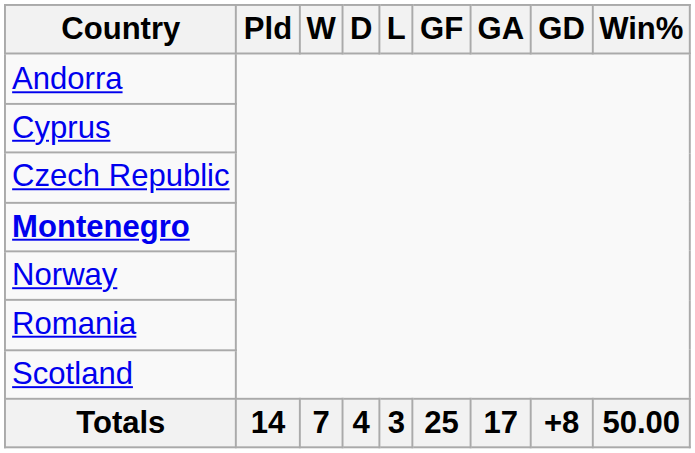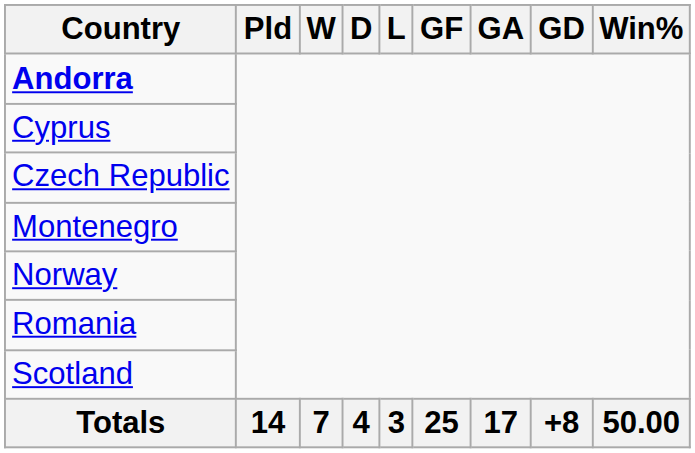 <table class="wikitable sortable" style="text-align:center">
 <tr>
 <th>Country</th>
 <th>Pld</th>
 <th>W</th>
 <th>D</th>
 <th>L</th>
 <th>GF</th>
 <th>GA</th>
 <th>GD</th>
 <th>Win%</th>
 </tr>
 <tr>
-<td align=left> <a href='#'>Andorra</a><br></td>
+<td align=left><strong> <a href='#'>Andorra</a><br></strong></td>
 </tr>
 <tr>
 <td align=left> <a href='#'>Cyprus</a><br></td>
 </tr>
 <tr>
 <td align=left> <a href='#'>Czech Republic</a><br></td>
 </tr>
 <tr>
-<td align=left><strong> <a href='#'>Montenegro</a><br></strong></td>
+<td align=left> <a href='#'>Montenegro</a><br></td>
 </tr>
 <tr>
 <td align=left> <a href='#'>Norway</a><br></td>
 </tr>
 <tr>
 <td align=left> <a href='#'>Romania</a><br></td>
 </tr>
 <tr>
 <td align=left> <a href='#'>Scotland</a><br></td>
 </tr>
 <tr class="sortbottom">
 <th>Totals</th>
 <th><strong>14</strong></th>
 <th><strong>7</strong></th>
 <th><strong>4</strong></th>
 <th><strong>3</strong></th>
 <th><strong>25</strong></th>
 <th><strong>17</strong></th>
 <th><strong>+8</strong></th>
 <th><strong>50.00</strong></th>
 </tr>
 </table>
